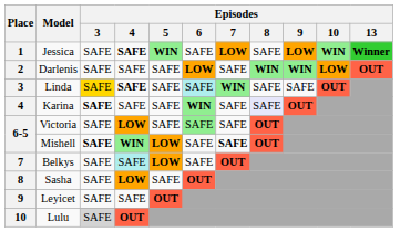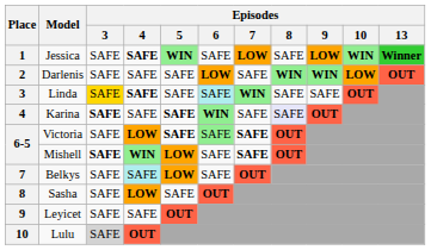 <table class="wikitable" style="text-align:center; font-size:92%">
 <tr>
 <th rowspan="2">Place</th>
 <th rowspan="2">Model</th>
 <th colspan="10">Episodes</th>
 </tr>
 <tr>
 <th>3</th>
 <th>4</th>
 <th>5</th>
 <th>6</th>
 <th>7</th>
 <th>8</th>
 <th>9</th>
 <th>10</th>
 <th>13</th>
 </tr>
 <tr>
 <th>1</th>
 <td>Jessica</td>
 <td>SAFE</td>
 <td><strong>SAFE</strong></td>
 <td style="background:lightgreen;"><strong>WIN</strong></td>
 <td>SAFE</td>
 <td style="background:orange;"><strong>LOW</strong></td>
 <td>SAFE</td>
 <td style="background:orange;"><strong>LOW</strong></td>
 <td style="background:lightgreen;"><strong>WIN</strong></td>
 <td style="background:limegreen;"><strong>Winner</strong></td>
 </tr>
 <tr>
 <th>2</th>
 <td>Darlenis</td>
 <td>SAFE</td>
 <td>SAFE</td>
 <td>SAFE</td>
 <td style="background:orange;"><strong>LOW</strong></td>
 <td>SAFE</td>
 <td style="background:lightgreen;"><strong>WIN</strong></td>
 <td style="background:lightgreen;"><strong>WIN</strong></td>
 <td style="background:orange;"><strong>LOW</strong></td>
 <td style="background:tomato;"><strong>OUT</strong></td>
 </tr>
 <tr>
 <th>3</th>
 <td>Linda</td>
 <td style="background: gold;">SAFE</td>
 <td><strong>SAFE</strong></td>
 <td>SAFE</td>
 <td style="background: paleturquoise;">SAFE</td>
 <td style="background:lightgreen;"><strong>WIN</strong></td>
 <td>SAFE</td>
 <td>SAFE</td>
 <td style="background:tomato;"><strong>OUT</strong></td>
 <td style="background:darkgrey;" colspan="12"></td>
 </tr>
 <tr>
 <th>4</th>
 <td>Karina</td>
 <td><strong>SAFE</strong></td>
 <td>SAFE</td>
-<td>SAFE</td>
+<td><strong>SAFE</strong></td>
 <td style="background:lightgreen;"><strong>WIN</strong></td>
 <td>SAFE</td>
 <td style="background: lavender;">SAFE</td>
 <td style="background:tomato;"><strong>OUT</strong></td>
 <td style="background:darkgrey;" colspan="12"></td>
 </tr>
 <tr>
 <th rowspan="2">6-5</th>
 <td>Victoria</td>
 <td>SAFE</td>
 <td style="background:orange;"><strong>LOW</strong></td>
-<td>SAFE</td>
+<td><strong>SAFE</strong></td>
 <td style="background: lightgreen;">SAFE</td>
-<td>SAFE</td>
+<td><strong>SAFE</strong></td>
 <td style="background:tomato;"><strong>OUT</strong></td>
 <td style="background:darkgrey;" colspan="12"></td>
 </tr>
 <tr>
 <td>Mishell</td>
 <td><strong>SAFE</strong></td>
 <td style="background:lightgreen;"><strong>WIN</strong></td>
 <td style="background:orange;"><strong>LOW</strong></td>
 <td>SAFE</td>
 <td><strong>SAFE</strong></td>
 <td style="background:tomato;"><strong>OUT</strong></td>
 <td style="background:darkgrey;" colspan="12"></td>
 </tr>
 <tr>
 <th>7</th>
 <td>Belkys</td>
 <td>SAFE</td>
 <td style="background: paleturquoise;">SAFE</td>
 <td style="background:orange;"><strong>LOW</strong></td>
 <td>SAFE</td>
 <td style="background:tomato;"><strong>OUT</strong></td>
 <td style="background:darkgrey;" colspan="12"></td>
 </tr>
 <tr>
 <th>8</th>
 <td>Sasha</td>
 <td>SAFE</td>
 <td style="background:orange;"><strong>LOW</strong></td>
 <td>SAFE</td>
 <td style="background:tomato;"><strong>OUT</strong></td>
 <td style="background:darkgrey;" colspan="12"></td>
 </tr>
 <tr>
 <th>9</th>
 <td>Leyicet</td>
 <td>SAFE</td>
 <td>SAFE</td>
 <td style="background:tomato;"><strong>OUT</strong></td>
 <td style="background:darkgrey;" colspan="12"></td>
 </tr>
 <tr>
 <th>10</th>
 <td>Lulu</td>
 <td style="background: lightgrey;">SAFE</td>
 <td style="background:tomato;"><strong>OUT</strong></td>
 <td style="background:darkgrey;" colspan="12"></td>
 </tr>
 </table>
